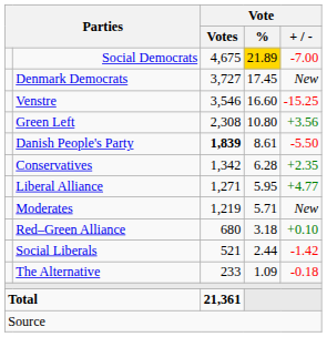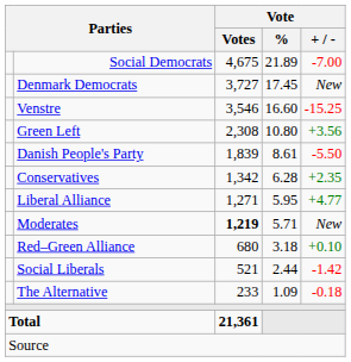 <table class="wikitable" style="text-align:right;">
 <tr>
 <th style="text-align:centre;" rowspan="2" colspan="2" width="225">Parties</th>
 <th colspan="3">Vote</th>
 </tr>
 <tr>
 <th width="15">Votes</th>
 <th width="15">%</th>
 <th width="15">+ / -</th>
 </tr>
 <tr>
 <td width=2 bgcolor=></td>
 <td><a href='#'>Social Democrats</a></td>
 <td>4,675</td>
-<td style="background: gold;">21.89</td>
+<td>21.89</td>
 <td style=color:red;>-7.00</td>
 </tr>
 <tr>
 <td width=2 bgcolor=></td>
 <td align=left><a href='#'>Denmark Democrats</a></td>
 <td>3,727</td>
 <td>17.45</td>
 <td><em>New</em></td>
 </tr>
 <tr>
 <td width=2 bgcolor=></td>
 <td align=left><a href='#'>Venstre</a></td>
 <td>3,546</td>
 <td>16.60</td>
 <td style=color:red;>-15.25</td>
 </tr>
 <tr>
 <td width=2 bgcolor=></td>
 <td align=left><a href='#'>Green Left</a></td>
 <td>2,308</td>
 <td>10.80</td>
 <td style=color:green;>+3.56</td>
 </tr>
 <tr>
 <td width=2 bgcolor=></td>
 <td align=left><a href='#'>Danish People's Party</a></td>
-<td><strong>1,839</strong></td>
+<td>1,839</td>
 <td>8.61</td>
 <td style=color:red;>-5.50</td>
 </tr>
 <tr>
 <td width=2 bgcolor=></td>
 <td align=left><a href='#'>Conservatives</a></td>
 <td>1,342</td>
 <td>6.28</td>
 <td style=color:green;>+2.35</td>
 </tr>
 <tr>
 <td width=2 bgcolor=></td>
 <td align=left><a href='#'>Liberal Alliance</a></td>
 <td>1,271</td>
 <td>5.95</td>
 <td style=color:green;>+4.77</td>
 </tr>
 <tr>
 <td width=2 bgcolor=></td>
 <td align=left><a href='#'>Moderates</a></td>
-<td>1,219</td>
+<td><strong>1,219</strong></td>
 <td>5.71</td>
 <td><em>New</em></td>
 </tr>
 <tr>
 <td width=2 bgcolor=></td>
 <td align=left><a href='#'>Red–Green Alliance</a></td>
 <td>680</td>
 <td>3.18</td>
 <td style=color:green;>+0.10</td>
 </tr>
 <tr>
 <td width=2 bgcolor=></td>
 <td align=left><a href='#'>Social Liberals</a></td>
 <td>521</td>
 <td>2.44</td>
 <td style=color:red;>-1.42</td>
 </tr>
 <tr>
 <td width=2 bgcolor=></td>
 <td align=left><a href='#'>The Alternative</a></td>
 <td>233</td>
 <td>1.09</td>
 <td style=color:red;>-0.18</td>
 </tr>
 <tr>
 <td colspan="7" bgcolor="#E9E9E9"></td>
 </tr>
 <tr>
 <td align="left" colspan="2"><strong>Total</strong></td>
 <td><strong>21,361</strong></td>
 <td bgcolor=#E9E9E9 colspan=2></td>
 </tr>
 <tr>
 <td align="left" colspan="6">Source</td>
 </tr>
 </table>
